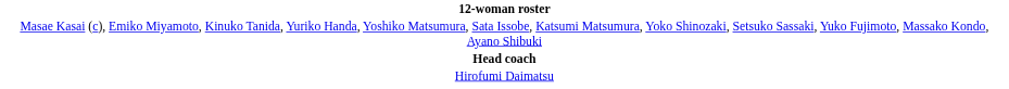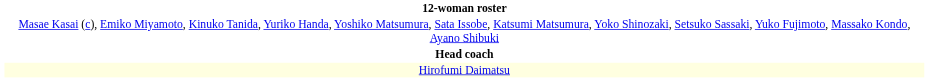 <table style="text-align: center; margin-top: 2em; margin-left: auto; margin-right: auto">
 <tr>
 <td><strong>12-woman roster</strong></td>
 </tr>
 <tr>
 <td><a href='#'>Masae Kasai</a> (<a href='#'>c</a>), <a href='#'>Emiko Miyamoto</a>, <a href='#'>Kinuko Tanida</a>, <a href='#'>Yuriko Handa</a>, <a href='#'>Yoshiko Matsumura</a>, <a href='#'>Sata Issobe</a>, <a href='#'>Katsumi Matsumura</a>, <a href='#'>Yoko Shinozaki</a>, <a href='#'>Setsuko Sassaki</a>, <a href='#'>Yuko Fujimoto</a>, <a href='#'>Massako Kondo</a>, <a href='#'>Ayano Shibuki</a></td>
 </tr>
 <tr>
 <td><strong>Head coach</strong></td>
 </tr>
 <tr>
-<td><a href='#'>Hirofumi Daimatsu</a></td>
+<td style="background: lightyellow;"><a href='#'>Hirofumi Daimatsu</a></td>
 </tr>
 </table>
